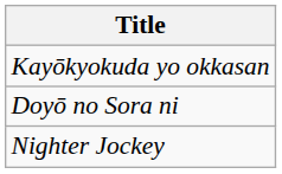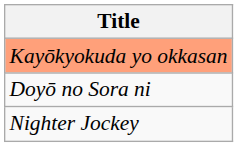 <table class="wikitable">
 <tr>
 <th>Title</th>
 </tr>
 <tr>
-<td><em>Kayōkyokuda yo okkasan</em></td>
+<td style="background: lightsalmon;"><em>Kayōkyokuda yo okkasan</em></td>
 </tr>
 <tr>
 <td><em>Doyō no Sora ni</em></td>
 </tr>
 <tr>
 <td><em>Nighter Jockey</em></td>
 </tr>
 </table>
